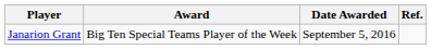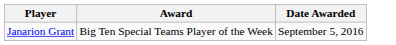 <table class="wikitable sortable sortable" style="text-align: center">
 <tr align=center>
 <th>Player</th>
 <th>Award</th>
 <th>Date Awarded</th>
-<th>Ref.</th>
 </tr>
 <tr>
 <td><a href='#'>Janarion Grant</a></td>
 <td>Big Ten Special Teams Player of the Week</td>
 <td>September 5, 2016</td>
-<td></td>
 </tr>
 </table>
